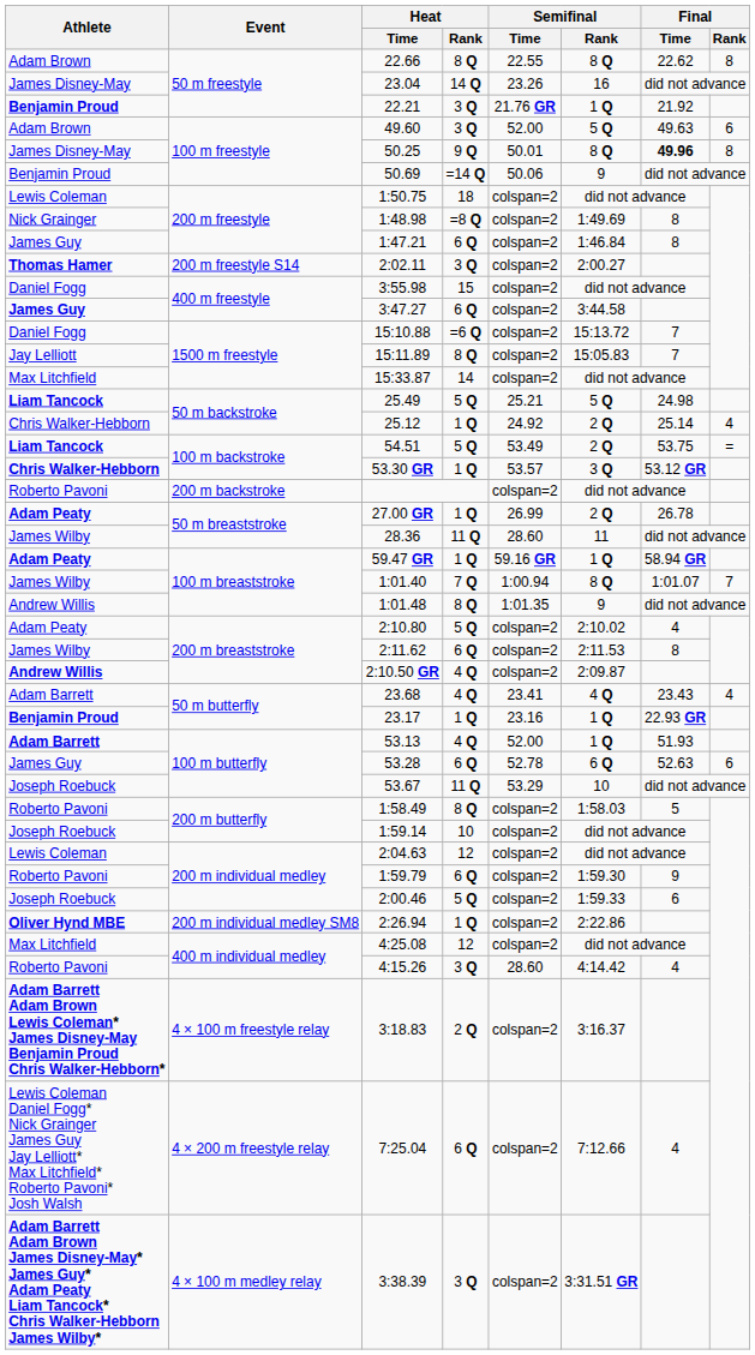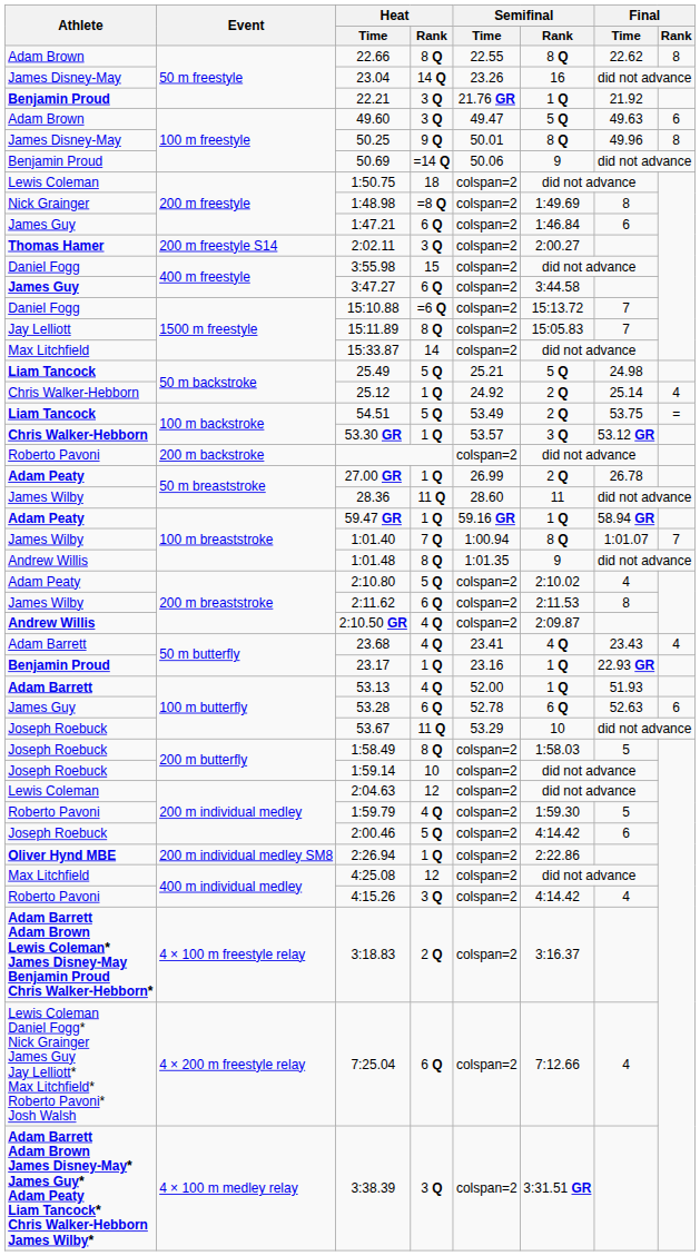 <table class=wikitable style=font-size:90%>
 <tr>
 <th rowspan=2>Athlete</th>
 <th rowspan=2>Event</th>
 <th colspan=2>Heat</th>
 <th colspan=2>Semifinal</th>
 <th colspan=2>Final</th>
 </tr>
 <tr style=font-size:95%>
 <th>Time</th>
 <th>Rank</th>
 <th>Time</th>
 <th>Rank</th>
 <th>Time</th>
 <th>Rank</th>
 </tr>
 <tr align=center>
 <td align=left><a href='#'>Adam Brown</a></td>
 <td align=left rowspan=3><a href='#'>50 m freestyle</a></td>
 <td>22.66</td>
 <td>8 <strong>Q</strong></td>
 <td>22.55</td>
 <td>8 <strong>Q</strong></td>
 <td>22.62</td>
 <td>8</td>
 </tr>
 <tr align=center>
 <td align=left><a href='#'>James Disney-May</a></td>
 <td>23.04</td>
 <td>14 <strong>Q</strong></td>
 <td>23.26</td>
 <td>16</td>
 <td colspan=2>did not advance</td>
 </tr>
 <tr align=center>
 <td align=left><strong><a href='#'>Benjamin Proud</a></strong></td>
 <td>22.21</td>
 <td>3 <strong>Q</strong></td>
 <td>21.76 <strong><a href='#'>GR</a></strong></td>
 <td>1 <strong>Q</strong></td>
 <td>21.92</td>
 <td></td>
 </tr>
 <tr align=center>
 <td align=left><a href='#'>Adam Brown</a></td>
 <td align=left rowspan=3><a href='#'>100 m freestyle</a></td>
 <td>49.60</td>
 <td>3 <strong>Q</strong></td>
-<td>52.00</td>
+<td>49.47</td>
 <td>5 <strong>Q</strong></td>
 <td>49.63</td>
 <td>6</td>
 </tr>
 <tr align=center>
 <td align=left><a href='#'>James Disney-May</a></td>
 <td>50.25</td>
 <td>9 <strong>Q</strong></td>
 <td>50.01</td>
 <td>8 <strong>Q</strong></td>
-<td><strong>49.96</strong></td>
+<td>49.96</td>
 <td>8</td>
 </tr>
 <tr align=center>
 <td align=left><a href='#'>Benjamin Proud</a></td>
 <td>50.69</td>
 <td>=14 <strong>Q</strong></td>
 <td>50.06</td>
 <td>9</td>
 <td colspan=2>did not advance</td>
 </tr>
 <tr align=center>
 <td align=left><a href='#'>Lewis Coleman</a></td>
 <td align=left rowspan=3><a href='#'>200 m freestyle</a></td>
 <td>1:50.75</td>
 <td>18</td>
 <td>colspan=2 </td>
 <td colspan=2>did not advance</td>
 </tr>
 <tr align=center>
 <td align=left><a href='#'>Nick Grainger</a></td>
 <td>1:48.98</td>
 <td>=8 <strong>Q</strong></td>
 <td>colspan=2 </td>
 <td>1:49.69</td>
 <td>8</td>
 </tr>
 <tr align=center>
 <td align=left><a href='#'>James Guy</a></td>
 <td>1:47.21</td>
 <td>6 <strong>Q</strong></td>
 <td>colspan=2 </td>
 <td>1:46.84</td>
-<td>8</td>
+<td>6</td>
 </tr>
 <tr align=center>
 <td align=left><strong><a href='#'>Thomas Hamer</a></strong></td>
 <td align=left><a href='#'>200 m freestyle S14</a></td>
 <td>2:02.11</td>
 <td>3 <strong>Q</strong></td>
 <td>colspan=2 </td>
 <td>2:00.27</td>
 <td></td>
 </tr>
 <tr align=center>
 <td align=left><a href='#'>Daniel Fogg</a></td>
 <td align=left rowspan=2><a href='#'>400 m freestyle</a></td>
 <td>3:55.98</td>
 <td>15</td>
 <td>colspan=2 </td>
 <td colspan=2>did not advance</td>
 </tr>
 <tr align=center>
 <td align=left><strong><a href='#'>James Guy</a></strong></td>
 <td>3:47.27</td>
 <td>6 <strong>Q</strong></td>
 <td>colspan=2 </td>
 <td>3:44.58</td>
 <td></td>
 </tr>
 <tr align=center>
 <td align=left><a href='#'>Daniel Fogg</a></td>
 <td align=left rowspan=3><a href='#'>1500 m freestyle</a></td>
 <td>15:10.88</td>
 <td>=6 <strong>Q</strong></td>
 <td>colspan=2 </td>
 <td>15:13.72</td>
 <td>7</td>
 </tr>
 <tr align=center>
 <td align=left><a href='#'>Jay Lelliott</a></td>
 <td>15:11.89</td>
 <td>8 <strong>Q</strong></td>
 <td>colspan=2 </td>
 <td>15:05.83</td>
 <td>7</td>
 </tr>
 <tr align=center>
 <td align=left><a href='#'>Max Litchfield</a></td>
 <td>15:33.87</td>
 <td>14</td>
 <td>colspan=2 </td>
 <td colspan=2>did not advance</td>
 </tr>
 <tr align=center>
 <td align=left><strong><a href='#'>Liam Tancock</a></strong></td>
 <td align=left rowspan=2><a href='#'>50 m backstroke</a></td>
 <td>25.49</td>
 <td>5 <strong>Q</strong></td>
 <td>25.21</td>
 <td>5 <strong>Q</strong></td>
 <td>24.98</td>
 <td></td>
 </tr>
 <tr align=center>
 <td align=left><a href='#'>Chris Walker-Hebborn</a></td>
 <td>25.12</td>
 <td>1 <strong>Q</strong></td>
 <td>24.92</td>
 <td>2 <strong>Q</strong></td>
 <td>25.14</td>
 <td>4</td>
 </tr>
 <tr align=center>
 <td align=left><strong><a href='#'>Liam Tancock</a></strong></td>
 <td align=left rowspan=2><a href='#'>100 m backstroke</a></td>
 <td>54.51</td>
 <td>5 <strong>Q</strong></td>
 <td>53.49</td>
 <td>2 <strong>Q</strong></td>
 <td>53.75</td>
 <td>=</td>
 </tr>
 <tr align=center>
 <td align=left><strong><a href='#'>Chris Walker-Hebborn</a></strong></td>
 <td>53.30 <strong><a href='#'>GR</a></strong></td>
 <td>1 <strong>Q</strong></td>
 <td>53.57</td>
 <td>3 <strong>Q</strong></td>
 <td>53.12 <strong><a href='#'>GR</a></strong></td>
 <td></td>
 </tr>
 <tr align=center>
 <td align=left><a href='#'>Roberto Pavoni</a></td>
 <td align=left><a href='#'>200 m backstroke</a></td>
 <td colspan=2></td>
 <td>colspan=2 </td>
 <td colspan=2>did not advance</td>
 </tr>
 <tr align=center>
 <td align=left><strong><a href='#'>Adam Peaty</a></strong></td>
 <td align=left rowspan=2><a href='#'>50 m breaststroke</a></td>
 <td>27.00 <strong><a href='#'>GR</a></strong></td>
 <td>1 <strong>Q</strong></td>
 <td>26.99</td>
 <td>2 <strong>Q</strong></td>
 <td>26.78</td>
 <td></td>
 </tr>
 <tr align=center>
 <td align=left><a href='#'>James Wilby</a></td>
 <td>28.36</td>
 <td>11 <strong>Q</strong></td>
 <td>28.60</td>
 <td>11</td>
 <td colspan=2>did not advance</td>
 </tr>
 <tr align=center>
 <td align=left><strong><a href='#'>Adam Peaty</a></strong></td>
 <td align=left rowspan=3><a href='#'>100 m breaststroke</a></td>
 <td>59.47 <strong><a href='#'>GR</a></strong></td>
 <td>1 <strong>Q</strong></td>
 <td>59.16 <strong><a href='#'>GR</a></strong></td>
 <td>1 <strong>Q</strong></td>
 <td>58.94 <strong><a href='#'>GR</a></strong></td>
 <td></td>
 </tr>
 <tr align=center>
 <td align=left><a href='#'>James Wilby</a></td>
 <td>1:01.40</td>
 <td>7 <strong>Q</strong></td>
 <td>1:00.94</td>
 <td>8 <strong>Q</strong></td>
 <td>1:01.07</td>
 <td>7</td>
 </tr>
 <tr align=center>
 <td align=left><a href='#'>Andrew Willis</a></td>
 <td>1:01.48</td>
 <td>8 <strong>Q</strong></td>
 <td>1:01.35</td>
 <td>9</td>
 <td colspan=2>did not advance</td>
 </tr>
 <tr align=center>
 <td align=left><a href='#'>Adam Peaty</a></td>
 <td align=left rowspan=3><a href='#'>200 m breaststroke</a></td>
 <td>2:10.80</td>
 <td>5 <strong>Q</strong></td>
 <td>colspan=2 </td>
 <td>2:10.02</td>
 <td>4</td>
 </tr>
 <tr align=center>
 <td align=left><a href='#'>James Wilby</a></td>
 <td>2:11.62</td>
 <td>6 <strong>Q</strong></td>
 <td>colspan=2 </td>
 <td>2:11.53</td>
 <td>8</td>
 </tr>
 <tr align=center>
 <td align=left><strong><a href='#'>Andrew Willis</a></strong></td>
 <td>2:10.50 <strong><a href='#'>GR</a></strong></td>
 <td>4 <strong>Q</strong></td>
 <td>colspan=2 </td>
 <td>2:09.87</td>
 <td></td>
 </tr>
 <tr align=center>
 <td align=left><a href='#'>Adam Barrett</a></td>
 <td align=left rowspan=2><a href='#'>50 m butterfly</a></td>
 <td>23.68</td>
 <td>4 <strong>Q</strong></td>
 <td>23.41</td>
 <td>4 <strong>Q</strong></td>
 <td>23.43</td>
 <td>4</td>
 </tr>
 <tr align=center>
 <td align=left><strong><a href='#'>Benjamin Proud</a></strong></td>
 <td>23.17</td>
 <td>1 <strong>Q</strong></td>
 <td>23.16</td>
 <td>1 <strong>Q</strong></td>
 <td>22.93 <strong><a href='#'>GR</a></strong></td>
 <td></td>
 </tr>
 <tr align=center>
 <td align=left><strong><a href='#'>Adam Barrett</a></strong></td>
 <td align=left rowspan=3><a href='#'>100 m butterfly</a></td>
 <td>53.13</td>
 <td>4 <strong>Q</strong></td>
 <td>52.00</td>
 <td>1 <strong>Q</strong></td>
 <td>51.93</td>
 <td></td>
 </tr>
 <tr align=center>
 <td align=left><a href='#'>James Guy</a></td>
 <td>53.28</td>
 <td>6 <strong>Q</strong></td>
 <td>52.78</td>
 <td>6 <strong>Q</strong></td>
 <td>52.63</td>
 <td>6</td>
 </tr>
 <tr align=center>
 <td align=left><a href='#'>Joseph Roebuck</a></td>
 <td>53.67</td>
 <td>11 <strong>Q</strong></td>
 <td>53.29</td>
 <td>10</td>
 <td colspan=2>did not advance</td>
 </tr>
 <tr align=center>
-<td align=left><a href='#'>Roberto Pavoni</a></td>
+<td align=left><a href='#'>Joseph Roebuck</a></td>
 <td align=left rowspan=2><a href='#'>200 m butterfly</a></td>
 <td>1:58.49</td>
 <td>8 <strong>Q</strong></td>
 <td>colspan=2 </td>
 <td>1:58.03</td>
 <td>5</td>
 </tr>
 <tr align=center>
 <td align=left><a href='#'>Joseph Roebuck</a></td>
 <td>1:59.14</td>
 <td>10</td>
 <td>colspan=2 </td>
 <td colspan=2>did not advance</td>
 </tr>
 <tr align=center>
 <td align=left><a href='#'>Lewis Coleman</a></td>
 <td align=left rowspan=3><a href='#'>200 m individual medley</a></td>
 <td>2:04.63</td>
 <td>12</td>
 <td>colspan=2 </td>
 <td colspan=2>did not advance</td>
 </tr>
 <tr align=center>
 <td align=left><a href='#'>Roberto Pavoni</a></td>
 <td>1:59.79</td>
-<td>6 <strong>Q</strong></td>
+<td>4 <strong>Q</strong></td>
 <td>colspan=2 </td>
 <td>1:59.30</td>
-<td>9</td>
+<td>5</td>
 </tr>
 <tr align=center>
 <td align=left><a href='#'>Joseph Roebuck</a></td>
 <td>2:00.46</td>
 <td>5 <strong>Q</strong></td>
 <td>colspan=2 </td>
-<td>1:59.33</td>
+<td>4:14.42</td>
 <td>6</td>
 </tr>
 <tr align=center>
 <td align=left><strong><a href='#'>Oliver Hynd MBE</a></strong></td>
 <td align=left><a href='#'>200 m individual medley SM8</a></td>
 <td>2:26.94</td>
 <td>1 <strong>Q</strong></td>
 <td>colspan=2 </td>
 <td>2:22.86</td>
 <td></td>
 </tr>
 <tr align=center>
 <td align=left><a href='#'>Max Litchfield</a></td>
 <td align=left rowspan=2><a href='#'>400 m individual medley</a></td>
 <td>4:25.08</td>
 <td>12</td>
 <td>colspan=2 </td>
 <td colspan=2>did not advance</td>
 </tr>
 <tr align=center>
 <td align=left><a href='#'>Roberto Pavoni</a></td>
 <td>4:15.26</td>
 <td>3 <strong>Q</strong></td>
-<td>28.60</td>
+<td>colspan=2 </td>
 <td>4:14.42</td>
 <td>4</td>
 </tr>
 <tr align=center>
 <td align=left><strong><a href='#'>Adam Barrett</a><br><a href='#'>Adam Brown</a><br><a href='#'>Lewis Coleman</a>*<br><a href='#'>James Disney-May</a><br><a href='#'>Benjamin Proud</a><br><a href='#'>Chris Walker-Hebborn</a>*</strong></td>
 <td align=left><a href='#'>4 × 100 m freestyle relay</a></td>
 <td>3:18.83</td>
 <td>2 <strong>Q</strong></td>
 <td>colspan=2 </td>
 <td>3:16.37</td>
 <td></td>
 </tr>
 <tr align=center>
 <td align=left><a href='#'>Lewis Coleman</a><br><a href='#'>Daniel Fogg</a>*<br><a href='#'>Nick Grainger</a><br><a href='#'>James Guy</a><br><a href='#'>Jay Lelliott</a>*<br><a href='#'>Max Litchfield</a>*<br><a href='#'>Roberto Pavoni</a>*<br><a href='#'>Josh Walsh</a></td>
 <td align=left><a href='#'>4 × 200 m freestyle relay</a></td>
 <td>7:25.04</td>
 <td>6 <strong>Q</strong></td>
 <td>colspan=2 </td>
 <td>7:12.66</td>
 <td>4</td>
 </tr>
 <tr align=center>
 <td align=left><strong><a href='#'>Adam Barrett</a><br><a href='#'>Adam Brown</a><br><a href='#'>James Disney-May</a>*<br><a href='#'>James Guy</a>*<br><a href='#'>Adam Peaty</a><br><a href='#'>Liam Tancock</a>*<br><a href='#'>Chris Walker-Hebborn</a><br><a href='#'>James Wilby</a>*</strong></td>
 <td align=left><a href='#'>4 × 100 m medley relay</a></td>
 <td>3:38.39</td>
 <td>3 <strong>Q</strong></td>
 <td>colspan=2 </td>
 <td>3:31.51 <strong><a href='#'>GR</a></strong></td>
 <td></td>
 </tr>
 </table>
